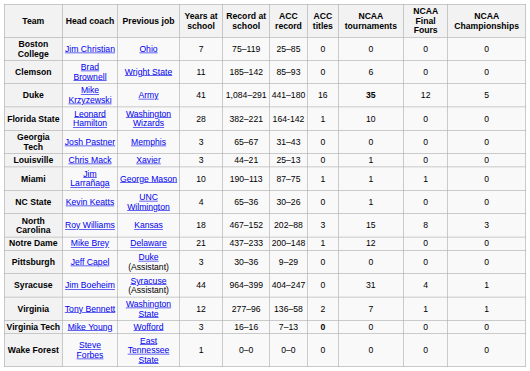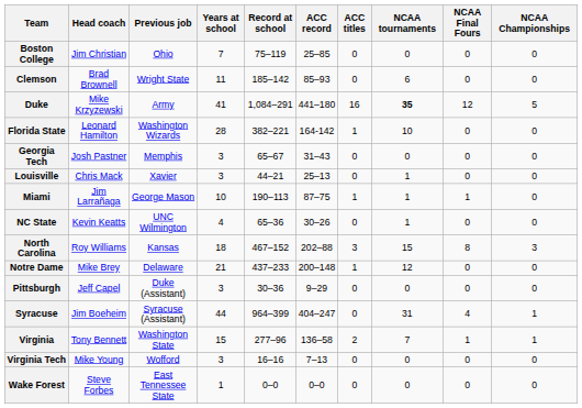 <table class="wikitable sortable" style="text-align: center;font-size:90%;">
 <tr>
 <th width="90">Team</th>
 <th>Head coach</th>
 <th>Previous job</th>
 <th>Years at school</th>
 <th>Record at school</th>
 <th>ACC record</th>
 <th>ACC titles</th>
 <th>NCAA tournaments</th>
 <th>NCAA Final Fours</th>
 <th>NCAA Championships</th>
 </tr>
 <tr>
 <th style=>Boston College</th>
 <td><a href='#'>Jim Christian</a></td>
 <td><a href='#'>Ohio</a></td>
 <td>7</td>
 <td>75–119</td>
 <td>25–85</td>
 <td>0</td>
 <td>0</td>
 <td>0</td>
 <td>0</td>
 </tr>
 <tr>
 <th>Clemson</th>
 <td><a href='#'>Brad Brownell</a></td>
 <td><a href='#'>Wright State</a></td>
 <td>11</td>
 <td>185–142</td>
 <td>85–93</td>
 <td>0</td>
 <td>6</td>
 <td>0</td>
 <td>0</td>
 </tr>
 <tr>
 <th>Duke</th>
 <td><a href='#'>Mike Krzyzewski</a></td>
 <td><a href='#'>Army</a></td>
 <td>41</td>
 <td>1,084–291</td>
 <td>441–180</td>
 <td>16</td>
 <td><strong>35</strong></td>
 <td>12</td>
 <td>5</td>
 </tr>
 <tr>
 <th style=>Florida State</th>
 <td><a href='#'>Leonard Hamilton</a></td>
 <td><a href='#'>Washington Wizards</a></td>
 <td>28</td>
 <td>382–221</td>
 <td>164-142</td>
 <td>1</td>
 <td>10</td>
 <td>0</td>
 <td>0</td>
 </tr>
 <tr>
 <th>Georgia Tech</th>
 <td><a href='#'>Josh Pastner</a></td>
 <td><a href='#'>Memphis</a></td>
 <td>3</td>
 <td>65–67</td>
 <td>31–43</td>
 <td>0</td>
 <td>0</td>
 <td>0</td>
 <td>0</td>
 </tr>
 <tr>
 <th>Louisville</th>
 <td><a href='#'>Chris Mack</a></td>
 <td><a href='#'>Xavier</a></td>
 <td>3</td>
 <td>44–21</td>
 <td>25–13</td>
 <td>0</td>
 <td>1</td>
 <td>0</td>
 <td>0</td>
 </tr>
 <tr>
 <th>Miami</th>
 <td><a href='#'>Jim Larrañaga</a></td>
 <td><a href='#'>George Mason</a></td>
 <td>10</td>
 <td>190–113</td>
 <td>87–75</td>
 <td>1</td>
 <td>1</td>
 <td>1</td>
 <td>0</td>
 </tr>
 <tr>
 <th>NC State</th>
 <td><a href='#'>Kevin Keatts</a></td>
 <td><a href='#'>UNC Wilmington</a></td>
 <td>4</td>
 <td>65–36</td>
 <td>30–26</td>
 <td>0</td>
 <td>1</td>
 <td>0</td>
 <td>0</td>
 </tr>
 <tr>
 <th>North Carolina</th>
 <td><a href='#'>Roy Williams</a></td>
 <td><a href='#'>Kansas</a></td>
 <td>18</td>
 <td>467–152</td>
 <td>202–88</td>
 <td>3</td>
 <td>15</td>
 <td>8</td>
 <td>3</td>
 </tr>
 <tr>
 <th style=>Notre Dame</th>
 <td><a href='#'>Mike Brey</a></td>
 <td><a href='#'>Delaware</a></td>
 <td>21</td>
 <td>437–233</td>
 <td>200–148</td>
 <td>1</td>
 <td>12</td>
 <td>0</td>
 <td>0</td>
 </tr>
 <tr>
 <th style=>Pittsburgh</th>
 <td><a href='#'>Jeff Capel</a></td>
 <td><a href='#'>Duke</a> (Assistant)</td>
 <td>3</td>
 <td>30–36</td>
 <td>9–29</td>
 <td>0</td>
 <td>0</td>
 <td>0</td>
 <td>0</td>
 </tr>
 <tr>
 <th style=>Syracuse</th>
 <td><a href='#'>Jim Boeheim</a></td>
 <td><a href='#'>Syracuse</a> (Assistant)</td>
 <td>44</td>
 <td>964–399</td>
 <td>404–247</td>
 <td>0</td>
 <td>31</td>
 <td>4</td>
 <td>1</td>
 </tr>
 <tr>
 <th>Virginia</th>
 <td><a href='#'>Tony Bennett</a></td>
 <td><a href='#'>Washington State</a></td>
-<td>12</td>
+<td>15</td>
 <td>277–96</td>
 <td>136–58</td>
 <td>2</td>
 <td>7</td>
 <td>1</td>
 <td>1</td>
 </tr>
 <tr>
 <th>Virginia Tech</th>
 <td><a href='#'>Mike Young</a></td>
 <td><a href='#'>Wofford</a></td>
 <td>3</td>
 <td>16–16</td>
 <td>7–13</td>
-<td><strong>0</strong></td>
+<td>0</td>
 <td>0</td>
 <td>0</td>
 <td>0</td>
 </tr>
 <tr>
 <th style=>Wake Forest</th>
 <td><a href='#'>Steve Forbes</a></td>
 <td><a href='#'>East Tennessee State</a></td>
 <td>1</td>
 <td>0–0</td>
 <td>0–0</td>
 <td>0</td>
 <td>0</td>
 <td>0</td>
 <td>0</td>
 </tr>
 </table>
